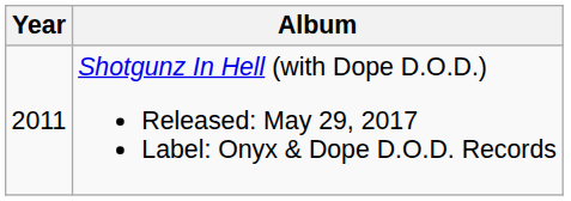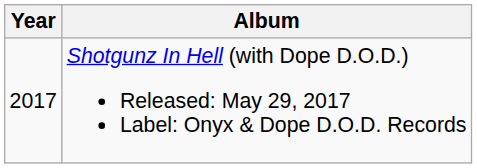 <table class="wikitable" style="text-align:center;">
 <tr>
 <th>Year</th>
 <th>Album</th>
 </tr>
 <tr>
-<td>2011</td>
+<td>2017</td>
 <td style="text-align:left;"><em><a href='#'>Shotgunz In Hell</a></em> (with Dope D.O.D.)<br><ul><li>Released: May 29, 2017</li><li>Label: Onyx & Dope D.O.D. Records</li></ul></td>
 </tr>
 </table>
